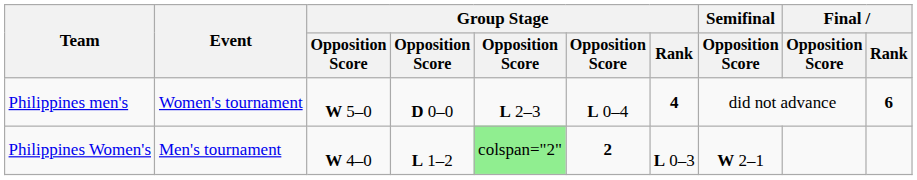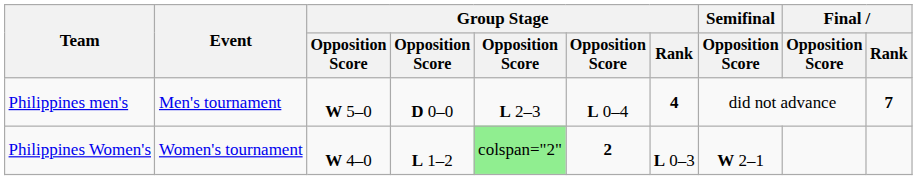 <table class="wikitable" style="font-size:90%">
 <tr>
 <th rowspan=2>Team</th>
 <th rowspan=2>Event</th>
 <th colspan=5>Group Stage</th>
 <th>Semifinal</th>
 <th colspan=2>Final / </th>
 </tr>
 <tr style="font-size:95%">
 <th>Opposition<br>Score</th>
 <th>Opposition<br>Score</th>
 <th>Opposition<br>Score</th>
 <th>Opposition<br>Score</th>
 <th>Rank</th>
 <th>Opposition<br>Score</th>
 <th>Opposition<br>Score</th>
 <th>Rank</th>
 </tr>
 <tr align=center>
 <td align=left><a href='#'>Philippines men's</a></td>
-<td align=left><a href='#'>Women's tournament</a></td>
+<td align=left><a href='#'>Men's tournament</a></td>
 <td><br><strong>W</strong> 5–0</td>
 <td><br><strong>D</strong> 0–0</td>
 <td><br><strong>L</strong> 2–3</td>
 <td><br><strong>L</strong> 0–4</td>
 <td><strong>4</strong></td>
 <td colspan="2">did not advance</td>
-<td><strong>6</strong></td>
+<td><strong>7</strong></td>
 </tr>
 <tr align=center>
 <td align=left><a href='#'>Philippines Women's</a></td>
-<td align=left><a href='#'>Men's tournament</a></td>
+<td align=left><a href='#'>Women's tournament</a></td>
 <td><br><strong>W</strong> 4–0</td>
 <td><br> <strong>L</strong> 1–2</td>
 <td style="background: lightgreen;">colspan="2" </td>
 <td><strong>2</strong></td>
 <td><br><strong>L</strong> 0–3</td>
 <td><br> <strong>W</strong> 2–1</td>
 <td></td>
 </tr>
 </table>
